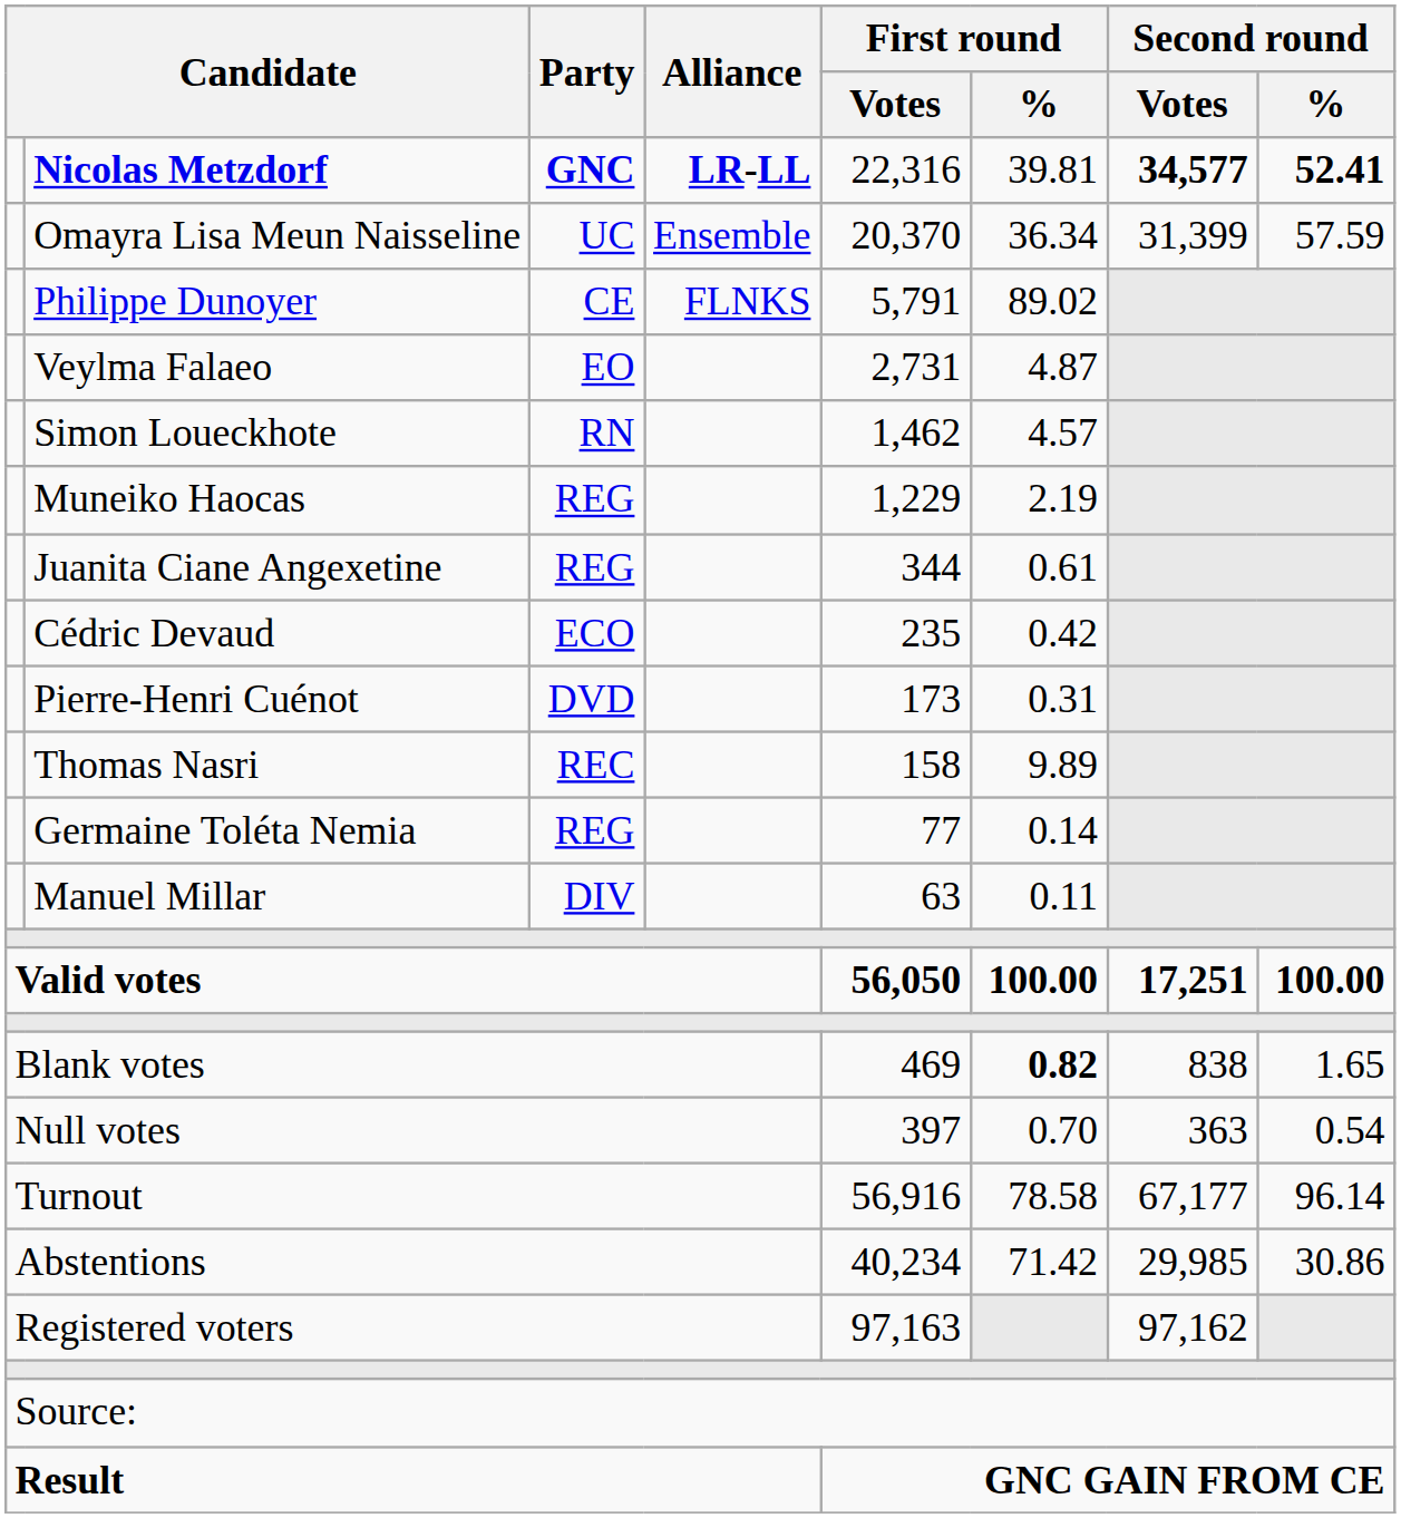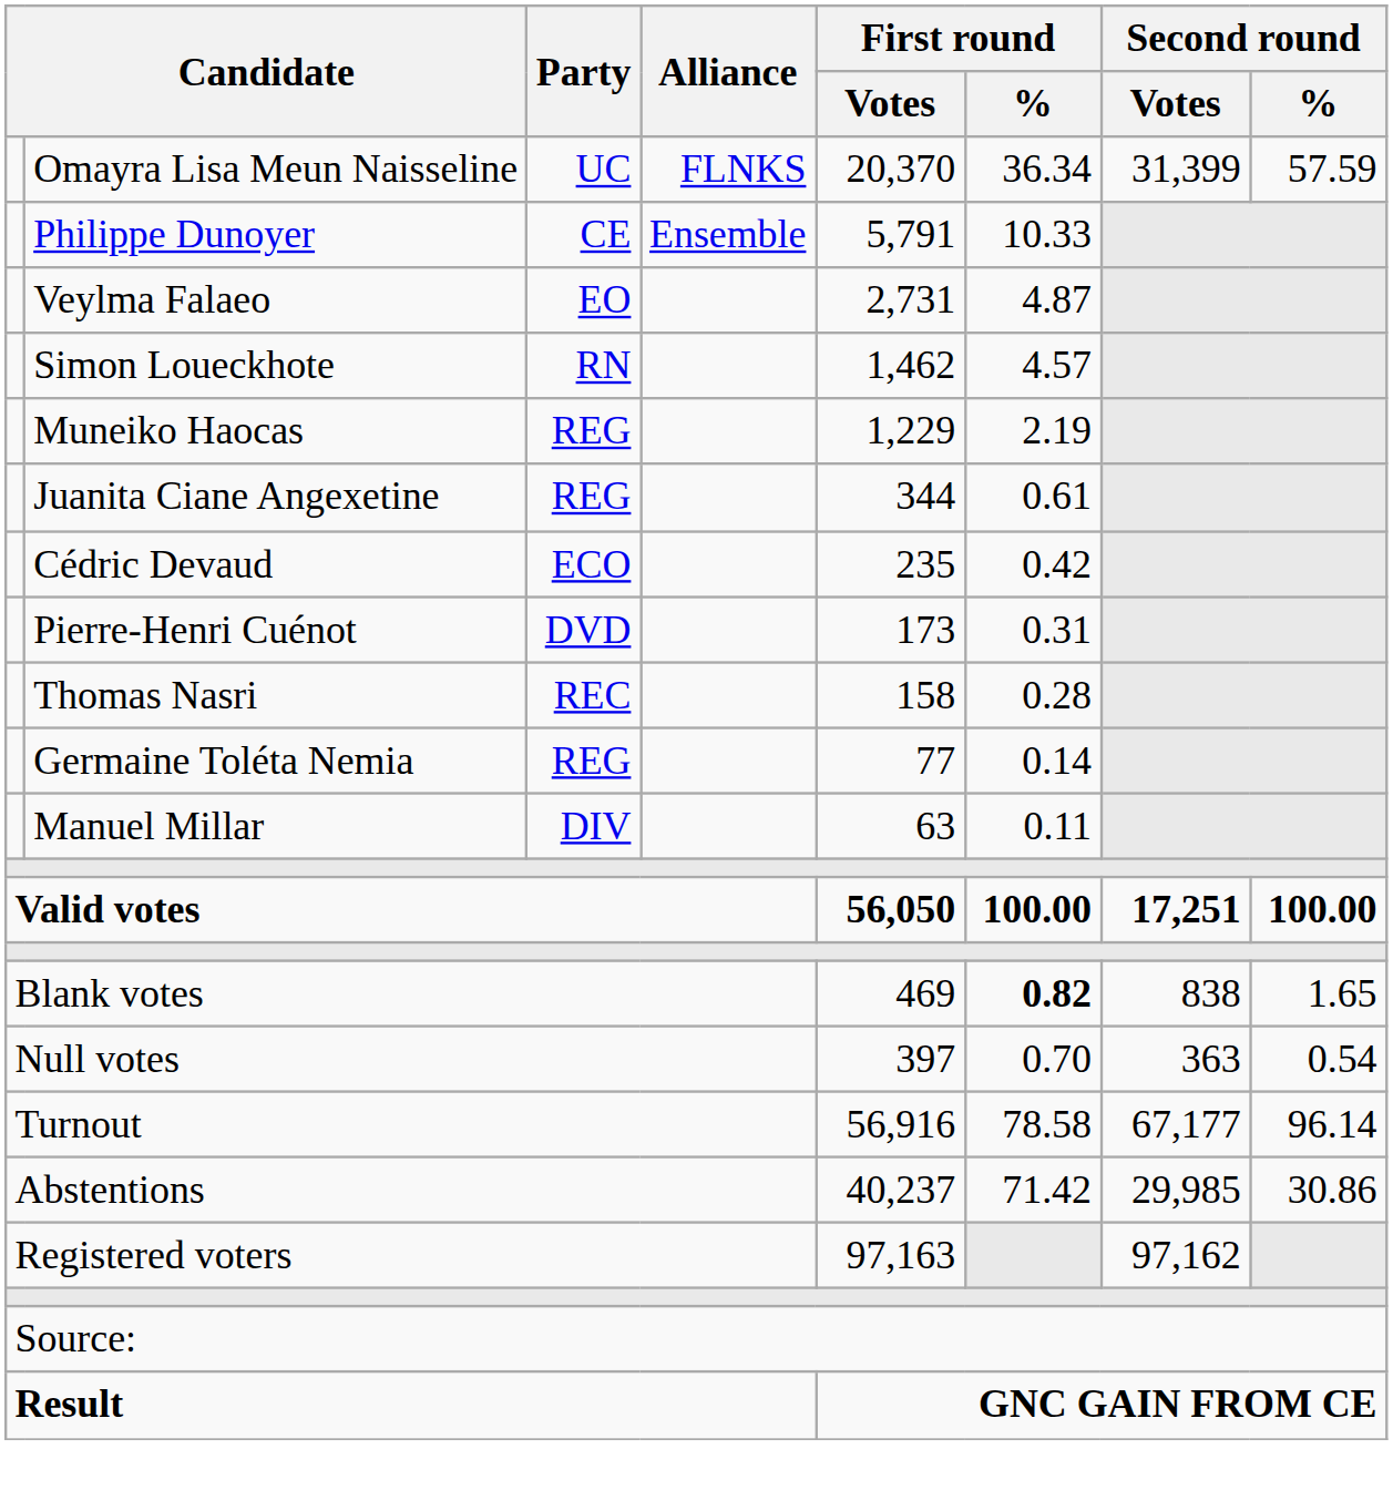 <table class="wikitable" style="text-align:right;font-size:95%;">
 <tr>
 <th colspan="2" rowspan="2">Candidate</th>
 <th colspan="1" rowspan="2">Party</th>
 <th colspan="1" rowspan="2">Alliance</th>
 <th colspan="2">First round</th>
 <th colspan="2">Second round</th>
 </tr>
 <tr>
 <th style="width:50px;">Votes</th>
 <th style="width:45px;">%</th>
 <th style="width:50px;">Votes</th>
 <th style="width:45px;">%</th>
 </tr>
 <tr>
 <td style="color:inherit;background:"></td>
-<td style="text-align:left;"><strong><a href='#'>Nicolas Metzdorf</a></strong></td>
-<td><strong><a href='#'>GNC</a></strong></td>
-<td><strong><a href='#'>LR</a>-<a href='#'>LL</a></strong></td>
-<td>22,316</td>
-<td>39.81</td>
-<td><strong>34,577</strong></td>
-<td><strong>52.41</strong></td>
-</tr>
-<tr>
-<td style="color:inherit;background:"></td>
 <td style="text-align:left;">Omayra Lisa Meun Naisseline</td>
 <td><a href='#'>UC</a></td>
-<td><a href='#'>Ensemble</a></td>
+<td><a href='#'>FLNKS</a></td>
 <td>20,370</td>
 <td>36.34</td>
 <td>31,399</td>
 <td>57.59</td>
 </tr>
 <tr>
 <td style="color:inherit;background:"></td>
 <td style="text-align:left;"><a href='#'>Philippe Dunoyer</a></td>
 <td><a href='#'>CE</a></td>
-<td><a href='#'>FLNKS</a></td>
+<td><a href='#'>Ensemble</a></td>
 <td>5,791</td>
-<td>89.02</td>
+<td>10.33</td>
 <td colspan="2" rowspan="1" style="background:#E9E9E9;"></td>
 </tr>
 <tr>
 <td style="color:inherit;background:"></td>
 <td style="text-align:left;">Veylma Falaeo</td>
 <td><a href='#'>EO</a></td>
 <td></td>
 <td>2,731</td>
 <td>4.87</td>
 <td colspan="2" rowspan="1" style="background:#E9E9E9;"></td>
 </tr>
 <tr>
 <td style="color:inherit;background:"></td>
 <td style="text-align:left;">Simon Loueckhote</td>
 <td><a href='#'>RN</a></td>
 <td></td>
 <td>1,462</td>
 <td>4.57</td>
 <td colspan="2" rowspan="1" style="background:#E9E9E9;"></td>
 </tr>
 <tr>
 <td style="color:inherit;background:"></td>
 <td style="text-align:left;">Muneiko Haocas</td>
 <td><a href='#'>REG</a></td>
 <td></td>
 <td>1,229</td>
 <td>2.19</td>
 <td colspan="2" rowspan="1" style="background:#E9E9E9;"></td>
 </tr>
 <tr>
 <td style="color:inherit;background:"></td>
 <td style="text-align:left;">Juanita Ciane Angexetine</td>
 <td><a href='#'>REG</a></td>
 <td></td>
 <td>344</td>
 <td>0.61</td>
 <td colspan="2" rowspan="1" style="background:#E9E9E9;"></td>
 </tr>
 <tr>
 <td style="color:inherit;background:"></td>
 <td style="text-align:left;">Cédric Devaud</td>
 <td><a href='#'>ECO</a></td>
 <td></td>
 <td>235</td>
 <td>0.42</td>
 <td colspan="2" rowspan="1" style="background:#E9E9E9;"></td>
 </tr>
 <tr>
 <td style="color:inherit;background:"></td>
 <td style="text-align:left;">Pierre-Henri Cuénot</td>
 <td><a href='#'>DVD</a></td>
 <td></td>
 <td>173</td>
 <td>0.31</td>
 <td colspan="2" rowspan="1" style="background:#E9E9E9;"></td>
 </tr>
 <tr>
 <td style="color:inherit;background:"></td>
 <td style="text-align:left;">Thomas Nasri</td>
 <td><a href='#'>REC</a></td>
 <td></td>
 <td>158</td>
-<td>9.89</td>
+<td>0.28</td>
 <td colspan="2" rowspan="1" style="background:#E9E9E9;"></td>
 </tr>
 <tr>
 <td style="color:inherit;background:"></td>
 <td style="text-align:left;">Germaine Toléta Nemia</td>
 <td><a href='#'>REG</a></td>
 <td></td>
 <td>77</td>
 <td>0.14</td>
 <td colspan="2" rowspan="1" style="background:#E9E9E9;"></td>
 </tr>
 <tr>
 <td style="color:inherit;background:"></td>
 <td style="text-align:left;">Manuel Millar</td>
 <td><a href='#'>DIV</a></td>
 <td></td>
 <td>63</td>
 <td>0.11</td>
 <td colspan="2" rowspan="1" style="background:#E9E9E9;"></td>
 </tr>
 <tr>
 <td colspan="8" style="background:#E9E9E9;"></td>
 </tr>
 <tr style="font-weight:bold;">
 <td colspan="4" style="text-align:left;">Valid votes</td>
 <td>56,050</td>
 <td>100.00</td>
 <td>17,251</td>
 <td>100.00</td>
 </tr>
 <tr>
 <td colspan="8" style="background:#E9E9E9;"></td>
 </tr>
 <tr>
 <td colspan="4" style="text-align:left;">Blank votes</td>
 <td>469</td>
 <td><strong>0.82</strong></td>
 <td>838</td>
 <td>1.65</td>
 </tr>
 <tr>
 <td colspan="4" style="text-align:left;">Null votes</td>
 <td>397</td>
 <td>0.70</td>
 <td>363</td>
 <td>0.54</td>
 </tr>
 <tr>
 <td colspan="4" style="text-align:left;">Turnout</td>
 <td>56,916</td>
 <td>78.58</td>
 <td>67,177</td>
 <td>96.14</td>
 </tr>
 <tr>
 <td colspan="4" style="text-align:left;">Abstentions</td>
-<td>40,234</td>
+<td>40,237</td>
 <td>71.42</td>
 <td>29,985</td>
 <td>30.86</td>
 </tr>
 <tr>
 <td colspan="4" style="text-align:left;">Registered voters</td>
 <td>97,163</td>
 <td style="background:#E9E9E9;"></td>
 <td>97,162</td>
 <td style="background:#E9E9E9;"></td>
 </tr>
 <tr>
 <td colspan="8" style="background:#E9E9E9;"></td>
 </tr>
 <tr>
 <td colspan="8" style="text-align:left;">Source: </td>
 </tr>
 <tr style="font-weight:bold">
 <td colspan="4" style="text-align:left;">Result</td>
 <td colspan="4" style="background-color:">GNC GAIN FROM CE</td>
 </tr>
 </table>
